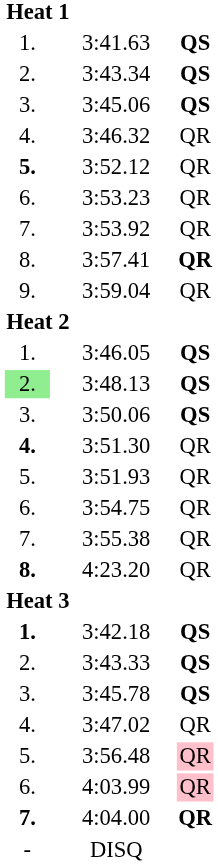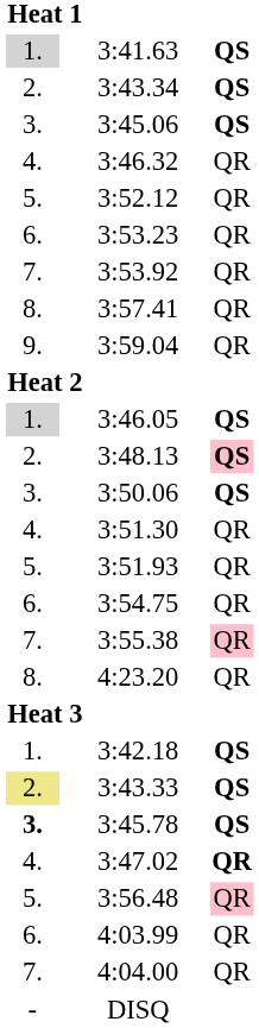 <table style="text-align:center">
 <tr>
 <td colspan=4 align=left><strong>Heat 1</strong></td>
 </tr>
 <tr>
-<td width=30>1.</td>
+<td width=30 style="background: lightgrey;">1.</td>
 <td align=left></td>
 <td width=80>3:41.63</td>
 <td><strong>QS</strong></td>
 </tr>
 <tr>
 <td>2.</td>
 <td align=left></td>
 <td>3:43.34</td>
 <td><strong>QS</strong></td>
 </tr>
 <tr>
 <td>3.</td>
 <td align=left></td>
 <td>3:45.06</td>
 <td><strong>QS</strong></td>
 </tr>
 <tr>
 <td>4.</td>
 <td align=left></td>
 <td>3:46.32</td>
 <td>QR</td>
 </tr>
 <tr>
-<td><strong>5.</strong></td>
+<td>5.</td>
 <td align=left></td>
 <td>3:52.12</td>
 <td>QR</td>
 </tr>
 <tr>
 <td>6.</td>
 <td align=left></td>
 <td>3:53.23</td>
 <td>QR</td>
 </tr>
 <tr>
 <td>7.</td>
 <td align=left></td>
 <td>3:53.92</td>
 <td>QR</td>
 </tr>
 <tr>
 <td>8.</td>
 <td align=left></td>
 <td>3:57.41</td>
-<td><strong>QR</strong></td>
+<td>QR</td>
 </tr>
 <tr>
 <td>9.</td>
 <td align=left></td>
 <td>3:59.04</td>
 <td>QR</td>
 </tr>
 <tr>
 <td colspan=4 align=left><strong>Heat 2</strong></td>
 </tr>
 <tr>
-<td>1.</td>
+<td style="background: lightgrey;">1.</td>
 <td align=left></td>
 <td>3:46.05</td>
 <td><strong>QS</strong></td>
 </tr>
 <tr>
-<td style="background: lightgreen;">2.</td>
+<td>2.</td>
 <td align=left></td>
 <td>3:48.13</td>
-<td><strong>QS</strong></td>
+<td style="background: pink;"><strong>QS</strong></td>
 </tr>
 <tr>
 <td>3.</td>
 <td align=left></td>
 <td>3:50.06</td>
 <td><strong>QS</strong></td>
 </tr>
 <tr>
-<td><strong>4.</strong></td>
+<td>4.</td>
 <td align=left></td>
 <td>3:51.30</td>
 <td>QR</td>
 </tr>
 <tr>
 <td>5.</td>
 <td align=left></td>
 <td>3:51.93</td>
 <td>QR</td>
 </tr>
 <tr>
 <td>6.</td>
 <td align=left></td>
 <td>3:54.75</td>
 <td>QR</td>
 </tr>
 <tr>
 <td>7.</td>
 <td align=left></td>
 <td>3:55.38</td>
-<td>QR</td>
+<td style="background: pink;">QR</td>
 </tr>
 <tr>
-<td><strong>8.</strong></td>
+<td>8.</td>
 <td align=left></td>
 <td>4:23.20</td>
 <td>QR</td>
 </tr>
 <tr>
 <td colspan=4 align=left><strong>Heat 3</strong></td>
 </tr>
 <tr>
-<td><strong>1.</strong></td>
+<td>1.</td>
 <td align=left></td>
 <td>3:42.18</td>
 <td><strong>QS</strong></td>
 </tr>
 <tr>
-<td>2.</td>
+<td style="background: khaki;">2.</td>
 <td align=left></td>
 <td>3:43.33</td>
 <td><strong>QS</strong></td>
 </tr>
 <tr>
-<td>3.</td>
+<td><strong>3.</strong></td>
 <td align=left></td>
 <td>3:45.78</td>
 <td><strong>QS</strong></td>
 </tr>
 <tr>
 <td>4.</td>
 <td align=left></td>
 <td>3:47.02</td>
-<td>QR</td>
+<td><strong>QR</strong></td>
 </tr>
 <tr>
 <td>5.</td>
 <td align=left></td>
 <td>3:56.48</td>
 <td style="background: pink;">QR</td>
 </tr>
 <tr>
 <td>6.</td>
 <td align=left></td>
 <td>4:03.99</td>
-<td style="background: pink;">QR</td>
+<td>QR</td>
 </tr>
 <tr>
-<td><strong>7.</strong></td>
+<td>7.</td>
 <td align=left></td>
 <td>4:04.00</td>
-<td><strong>QR</strong></td>
+<td>QR</td>
 </tr>
 <tr>
 <td>-</td>
 <td align=left></td>
 <td>DISQ</td>
 <td></td>
 </tr>
 </table>
